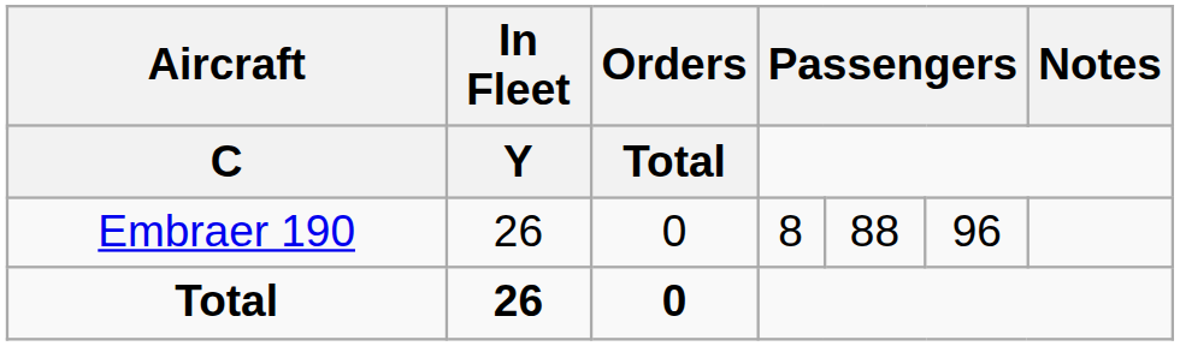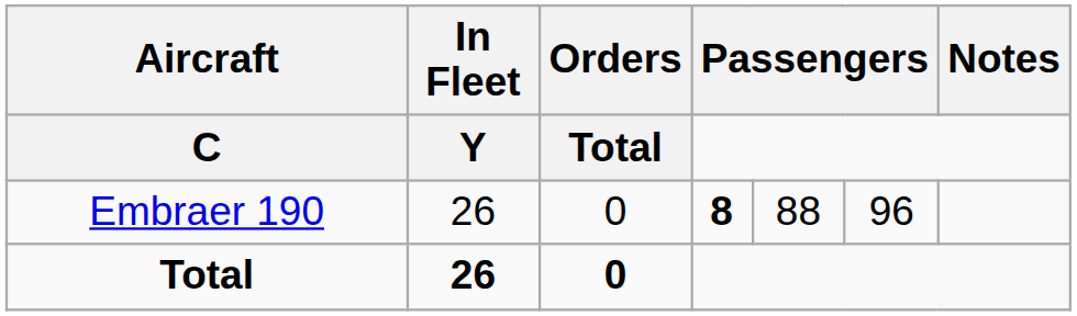 <table class="wikitable" style="border-collapse:collapse; text-align:center;margin:1em auto;">
 <tr>
 <th width="150pt" rowspan="2">Aircraft</th>
 <th width="45pt" rowspan="2">In Fleet</th>
 <th width="45pt" rowspan="2">Orders</th>
 <th colspan="3">Passengers</th>
 <th rowspan="2">Notes</th>
 </tr>
 <tr>
 </tr>
 <tr>
 <th width="33px"><abbr>C</abbr></th>
 <th width="33px"><abbr>Y</abbr></th>
 <th width="33px">Total</th>
 </tr>
 <tr>
 <td><a href='#'>Embraer 190</a></td>
 <td>26</td>
 <td>0</td>
-<td>8</td>
+<td><strong>8</strong></td>
 <td>88</td>
 <td>96</td>
 <td></td>
 </tr>
 <tr>
 <td><strong>Total</strong></td>
 <td><strong>26</strong></td>
 <td><strong>0</strong></td>
 <td colspan="4"></td>
 </tr>
 </table>
